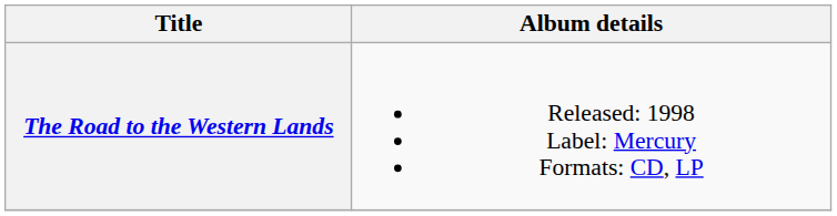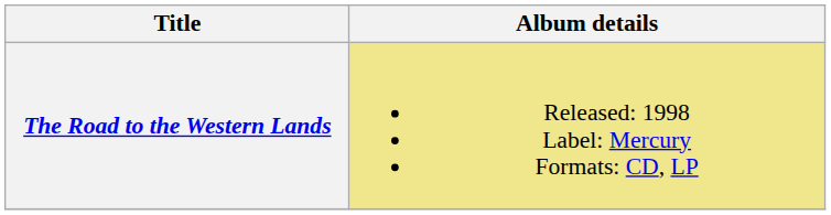 <table class="wikitable plainrowheaders" style="text-align:center;">
 <tr>
 <th scope="col" rowspan="1" style="width:14em;">Title</th>
 <th scope="col" rowspan="1" style="width:19.5em;">Album details</th>
 </tr>
 <tr>
 <th scope="row"><em><a href='#'>The Road to the Western Lands</a></em></th>
-<td><br><ul><li>Released: 1998</li><li>Label: <a href='#'>Mercury</a></li><li>Formats: <a href='#'>CD</a>, <a href='#'>LP</a></li></ul></td>
+<td style="background: khaki;"><br><ul><li>Released: 1998</li><li>Label: <a href='#'>Mercury</a></li><li>Formats: <a href='#'>CD</a>, <a href='#'>LP</a></li></ul></td>
 </tr>
 <tr>
 </tr>
 </table>
